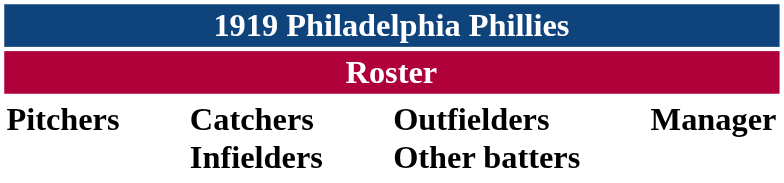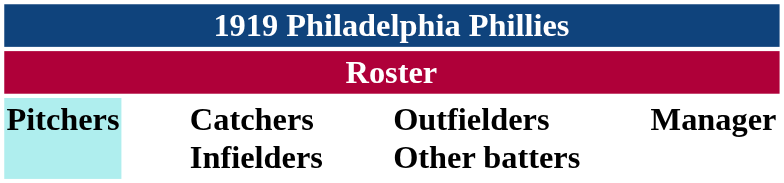 <table class="toccolours" style="font-size: 95%;">
 <tr>
 <th colspan="10" style="background-color: #0f437c; color: white; text-align: center;">1919 Philadelphia Phillies</th>
 </tr>
 <tr>
 <td colspan="10" style="background-color: #af0039; color: white; text-align: center;"><strong>Roster</strong></td>
 </tr>
 <tr>
-<td valign="top"><strong>Pitchers</strong><br>               </td>
+<td valign="top" style="background: paleturquoise;"><strong>Pitchers</strong><br>               </td>
 <td width="25px"></td>
 <td valign="top"><strong>Catchers</strong><br>    <strong>Infielders</strong>           </td>
 <td width="25px"></td>
 <td valign="top"><strong>Outfielders</strong><br>      <strong>Other batters</strong> </td>
 <td width="25px"></td>
 <td valign="top"><strong>Manager</strong><br> </td>
 </tr>
 </table>
